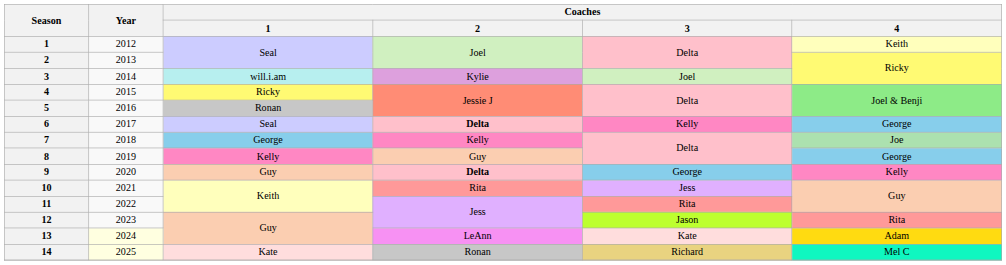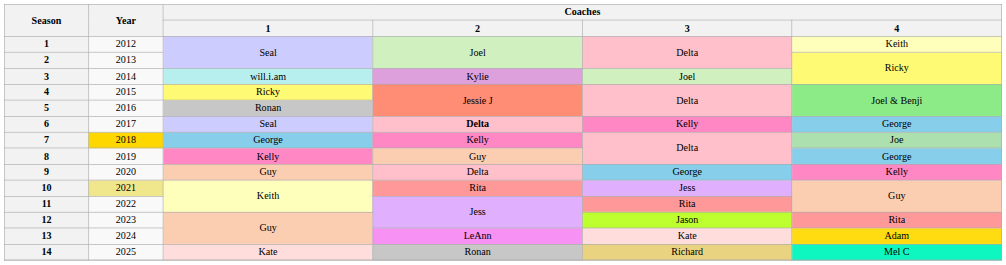 <table class="wikitable collapsible collapsed" style="text-align:center; width:100%">
 <tr>
 <th width="2%" rowspan="2">Season</th>
 <th width="2%" rowspan="2">Year</th>
 <th colspan="4">Coaches</th>
 </tr>
 <tr>
 <th width="6%">1</th>
 <th width="6%">2</th>
 <th width="6%">3</th>
 <th width="6%">4</th>
 </tr>
 <tr>
 <th>1</th>
 <td>2012</td>
 <td rowspan="2" style="background:#ccccff">Seal</td>
 <td rowspan="2" style="background:#d0f0c0">Joel</td>
 <td rowspan="2" style="background: pink">Delta</td>
 <td style="background:#ffffbc">Keith</td>
 </tr>
 <tr>
 <th>2</th>
 <td>2013</td>
 <td rowspan="2" style="background:#fffa73">Ricky</td>
 </tr>
 <tr>
 <th>3</th>
 <td>2014</td>
 <td style="background:#b7efef">will.i.am</td>
 <td style="background:#dda0dd">Kylie</td>
 <td style="background:#d0f0c0">Joel</td>
 </tr>
 <tr>
 <th>4</th>
 <td>2015</td>
 <td style="background:#fffa73">Ricky</td>
 <td rowspan="2" style="background:#ff8c75">Jessie J</td>
 <td rowspan="2" style="background: pink">Delta</td>
 <td rowspan="2" style="background:#8deb87">Joel & Benji</td>
 </tr>
 <tr>
 <th>5</th>
 <td>2016</td>
 <td style="background:#c7c7c7">Ronan</td>
 </tr>
 <tr>
 <th>6</th>
 <td>2017</td>
 <td style="background:#ccccff">Seal</td>
 <td style="background: pink"><strong>Delta</strong></td>
 <td style="background:#FF87C3">Kelly</td>
 <td style="background:#87ceeb">George</td>
 </tr>
 <tr>
 <th>7</th>
-<td>2018</td>
+<td style="background: gold;">2018</td>
 <td style="background:#87ceeb">George</td>
 <td style="background:#FF87C3">Kelly</td>
 <td rowspan="2" style="background: pink">Delta</td>
 <td style="background:#ace1af">Joe</td>
 </tr>
 <tr>
 <th>8</th>
 <td>2019</td>
 <td style="background:#FF87C3">Kelly</td>
 <td style="background:#fbceb1">Guy</td>
 <td style="background:#87ceeb">George</td>
 </tr>
 <tr>
 <th>9</th>
 <td>2020</td>
 <td style="background:#fbceb1">Guy</td>
-<td style="background: pink"><strong>Delta</strong></td>
+<td style="background: pink">Delta</td>
 <td style="background:#87ceeb">George</td>
 <td style="background:#FF87C3">Kelly</td>
 </tr>
 <tr>
 <th>10</th>
-<td>2021</td>
+<td style="background: khaki;">2021</td>
 <td rowspan="2" style="background:#ffffbc">Keith</td>
 <td style="background:#ff9999">Rita</td>
 <td style="background:#E0B0ff">Jess</td>
 <td rowspan="2" style="background:#fbceb1">Guy</td>
 </tr>
 <tr>
 <th>11</th>
 <td>2022</td>
 <td rowspan="2" style="background:#E0B0ff">Jess</td>
 <td style="background:#ff9999">Rita</td>
 </tr>
 <tr>
 <th>12</th>
 <td>2023</td>
 <td rowspan="2" style="background:#fbceb1">Guy</td>
 <td style="background:#bdff2f">Jason</td>
 <td style="background:#ff9999">Rita</td>
 </tr>
 <tr>
 <th>13</th>
-<td style="background: lightyellow;">2024</td>
+<td>2024</td>
 <td style="background:#f791f3">LeAnn</td>
 <td style="background:#ffdddd">Kate</td>
 <td style="background:#ffdb11">Adam</td>
 </tr>
 <tr>
 <th>14</th>
-<td style="background: lightyellow;">2025</td>
+<td>2025</td>
 <td style="background:#ffdddd">Kate</td>
 <td style="background:#c7c7c7">Ronan</td>
 <td style="background:#E9D380">Richard</td>
 <td style="background:#0ff7c0">Mel C</td>
 </tr>
 <tr>
 </tr>
 </table>
